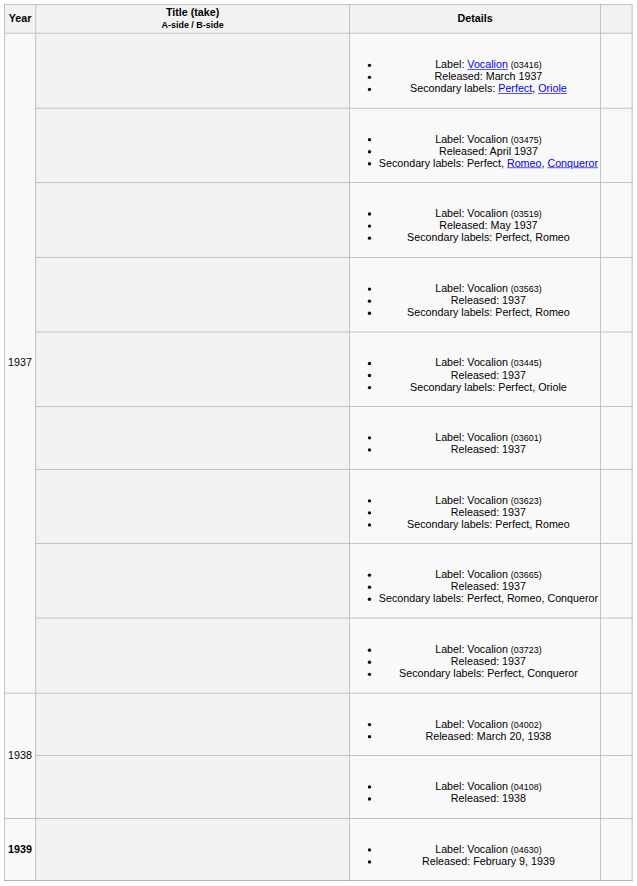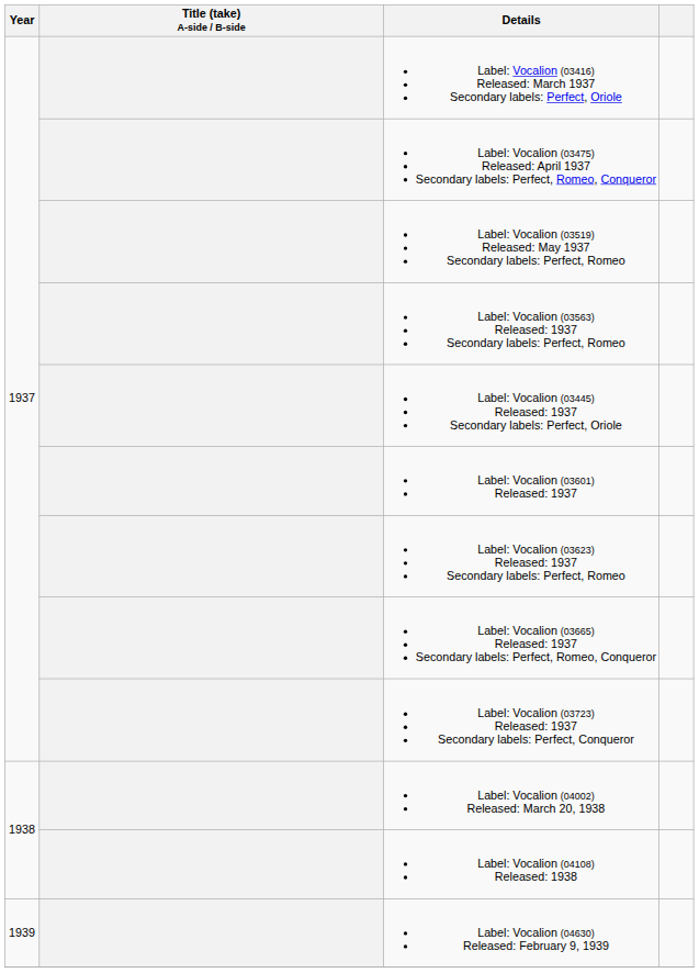 <table class="wikitable plainrowheaders" style="text-align:center;">
 <tr>
 <th scope="col" width=5%>Year</th>
 <th scope="col" width=50%>Title (take)<br><small>A-side / B-side</small></th>
 <th scope="col" width=40%>Details</th>
 <th scope="col" width=5%><br></th>
 </tr>
 <tr>
 <td rowspan=9>1937</td>
 <th scope="row"></th>
 <td><br><ul><li>Label: <a href='#'>Vocalion</a> <small>(03416)</small></li><li>Released: March 1937</li><li>Secondary labels: <a href='#'>Perfect</a>, <a href='#'>Oriole</a></li></ul></td>
 <td></td>
 </tr>
 <tr>
 <th scope="row"></th>
 <td><br><ul><li>Label: Vocalion <small>(03475)</small></li><li>Released: April 1937</li><li>Secondary labels: Perfect, <a href='#'>Romeo</a>, <a href='#'>Conqueror</a></li></ul></td>
 <td></td>
 </tr>
 <tr>
 <th scope="row"></th>
 <td><br><ul><li>Label: Vocalion <small>(03519)</small></li><li>Released: May 1937</li><li>Secondary labels: Perfect, Romeo</li></ul></td>
 <td></td>
 </tr>
 <tr>
 <th scope="row"></th>
 <td><br><ul><li>Label: Vocalion <small>(03563)</small></li><li>Released: 1937</li><li>Secondary labels: Perfect, Romeo</li></ul></td>
 <td></td>
 </tr>
 <tr>
 <th scope="row"></th>
 <td><br><ul><li>Label: Vocalion <small>(03445)</small></li><li>Released: 1937</li><li>Secondary labels: Perfect, Oriole</li></ul></td>
 <td></td>
 </tr>
 <tr>
 <th scope="row"></th>
 <td><br><ul><li>Label: Vocalion <small>(03601)</small></li><li>Released: 1937</li></ul></td>
 <td></td>
 </tr>
 <tr>
 <th scope="row"></th>
 <td><br><ul><li>Label: Vocalion <small>(03623)</small></li><li>Released: 1937</li><li>Secondary labels: Perfect, Romeo</li></ul></td>
 <td></td>
 </tr>
 <tr>
 <th scope="row"></th>
 <td><br><ul><li>Label: Vocalion <small>(03665)</small></li><li>Released: 1937</li><li>Secondary labels: Perfect, Romeo, Conqueror</li></ul></td>
 <td></td>
 </tr>
 <tr>
 <th scope="row"></th>
 <td><br><ul><li>Label: Vocalion <small>(03723)</small></li><li>Released: 1937</li><li>Secondary labels: Perfect, Conqueror</li></ul></td>
 <td></td>
 </tr>
 <tr>
 <td rowspan="2">1938</td>
 <th scope="row"></th>
 <td><br><ul><li>Label: Vocalion <small>(04002)</small></li><li>Released: March 20, 1938</li></ul></td>
 <td></td>
 </tr>
 <tr>
 <th scope="row"></th>
 <td><br><ul><li>Label: Vocalion <small>(04108)</small></li><li>Released: 1938</li></ul></td>
 <td></td>
 </tr>
 <tr>
-<td><strong>1939</strong></td>
+<td>1939</td>
 <th scope="row"></th>
 <td><br><ul><li>Label: Vocalion <small>(04630)</small></li><li>Released: February 9, 1939</li></ul></td>
 <td></td>
 </tr>
 <tr>
 </tr>
 </table>
